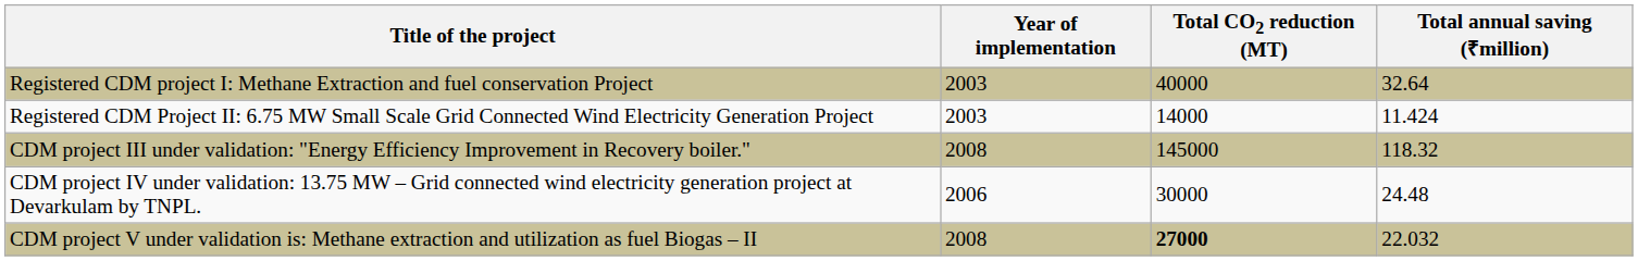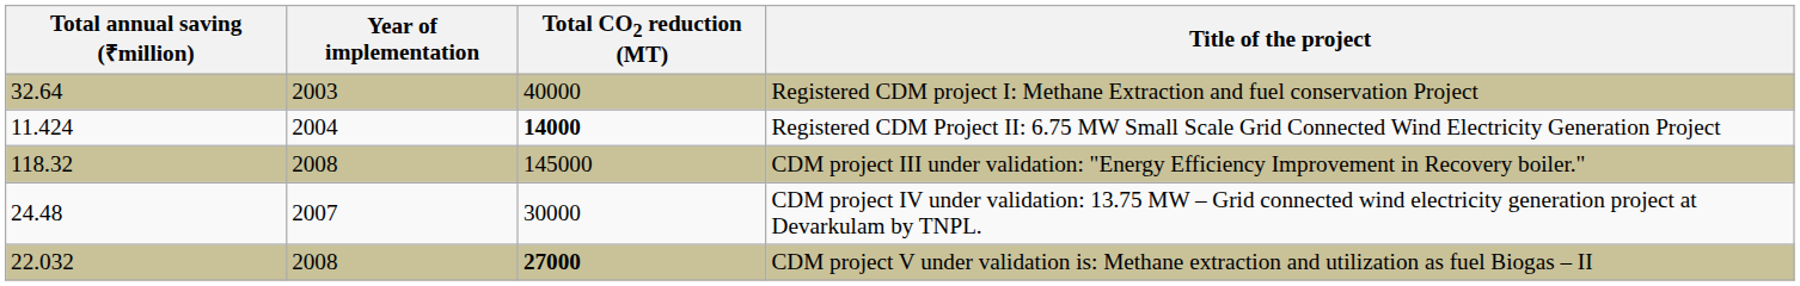 <table class="wikitable">
 <tr>
-<th>Title of the project</th>
+<th>Total annual saving (₹million)</th>
 <th>Year of implementation</th>
 <th>Total CO<sub>2</sub> reduction (MT)</th>
-<th>Total annual saving (₹million)</th>
+<th>Title of the project</th>
 </tr>
 <tr style="background:#C9C299;">
-<td>Registered CDM project I: Methane Extraction and fuel conservation Project</td>
+<td><div>32.64</div></td>
 <td><div>2003</div></td>
 <td><div>40000</div></td>
-<td><div>32.64</div></td>
+<td>Registered CDM project I: Methane Extraction and fuel conservation Project</td>
 </tr>
 <tr>
+<td><div>11.424</div></td>
+<td><div>2004</div></td>
+<td><strong><div>14000</div></strong></td>
 <td>Registered CDM Project II: 6.75 MW Small Scale Grid Connected Wind Electricity Generation Project</td>
-<td><div>2003</div></td>
-<td><div>14000</div></td>
-<td><div>11.424</div></td>
 </tr>
 <tr style="background:#C9C299;">
-<td>CDM project III under validation: "Energy Efficiency Improvement in Recovery boiler."</td>
+<td><div>118.32</div></td>
 <td><div>2008</div></td>
 <td><div>145000</div></td>
-<td><div>118.32</div></td>
+<td>CDM project III under validation: "Energy Efficiency Improvement in Recovery boiler."</td>
 </tr>
 <tr>
+<td><div>24.48</div></td>
+<td><div>2007</div></td>
+<td><div>30000</div></td>
 <td>CDM project IV under validation: 13.75 MW – Grid connected wind electricity generation project at Devarkulam by TNPL.</td>
-<td><div>2006</div></td>
-<td><div>30000</div></td>
-<td><div>24.48</div></td>
 </tr>
 <tr style="background:#C9C299;">
-<td>CDM project V under validation is: Methane extraction and utilization as fuel Biogas – II</td>
+<td><div>22.032</div></td>
 <td><div>2008</div></td>
 <td><strong><div>27000</div></strong></td>
-<td><div>22.032</div></td>
+<td>CDM project V under validation is: Methane extraction and utilization as fuel Biogas – II</td>
 </tr>
 </table>
